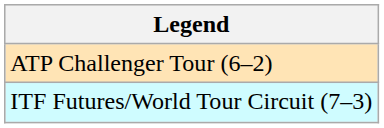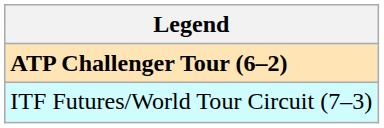 <table class=wikitable style=font-size:97%>
 <tr>
 <th>Legend</th>
 </tr>
 <tr bgcolor=moccasin>
-<td>ATP Challenger Tour (6–2)</td>
+<td><strong>ATP Challenger Tour (6–2)</strong></td>
 </tr>
 <tr bgcolor=#CFFCFF>
 <td>ITF Futures/World Tour Circuit (7–3)</td>
 </tr>
 </table>
